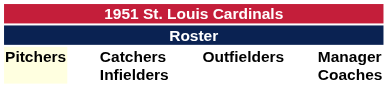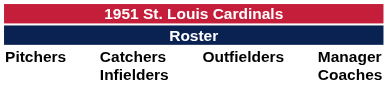 <table class="toccolours" style="font-size: 95%;">
 <tr>
 <th colspan="10" style="background-color: #c41e3a; color: white; text-align: center;">1951 St. Louis Cardinals</th>
 </tr>
 <tr>
 <td colspan="10" style="background-color: #0a2252; color: white; text-align: center;"><strong>Roster</strong></td>
 </tr>
 <tr>
-<td valign="top" style="background: lightyellow;"><strong>Pitchers</strong><br>                 </td>
+<td valign="top"><strong>Pitchers</strong><br>                 </td>
 <td width="25px"></td>
 <td valign="top"><strong>Catchers</strong><br>    <strong>Infielders</strong>            </td>
 <td width="25px"></td>
 <td valign="top"><strong>Outfielders</strong><br>          </td>
 <td width="25px"></td>
 <td valign="top"><strong>Manager</strong><br> <strong>Coaches</strong>    </td>
 </tr>
 </table>
